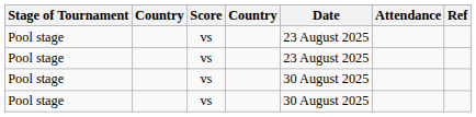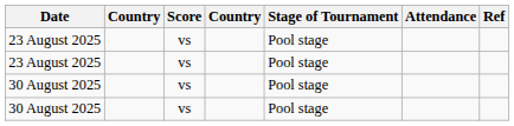 <table class="wikitable">
 <tr>
-<th scope=col>Stage of Tournament</th>
+<th scope=col>Date</th>
 <th scope=col>Country</th>
 <th scope=col>Score</th>
 <th scope=col>Country</th>
-<th scope=col>Date</th>
+<th scope=col>Stage of Tournament</th>
 <th scope=col>Attendance</th>
 <th scope=col>Ref</th>
 </tr>
 <tr>
-<td>Pool stage</td>
+<td>23 August 2025</td>
 <td align="right"></td>
 <td align="center">vs</td>
 <td></td>
-<td>23 August 2025</td>
+<td>Pool stage</td>
 <td></td>
 <td></td>
 </tr>
 <tr>
-<td>Pool stage</td>
+<td>23 August 2025</td>
 <td align="right"></td>
 <td align="center">vs</td>
 <td></td>
-<td>23 August 2025</td>
+<td>Pool stage</td>
 <td></td>
 <td></td>
 </tr>
 <tr>
-<td>Pool stage</td>
+<td>30 August 2025</td>
 <td align="right"></td>
 <td align="center">vs</td>
 <td></td>
-<td>30 August 2025</td>
+<td>Pool stage</td>
 <td></td>
 <td></td>
 </tr>
 <tr>
-<td>Pool stage</td>
+<td>30 August 2025</td>
 <td align="right"></td>
 <td align="center">vs</td>
 <td></td>
-<td>30 August 2025</td>
+<td>Pool stage</td>
 <td></td>
 <td></td>
 </tr>
 </table>
